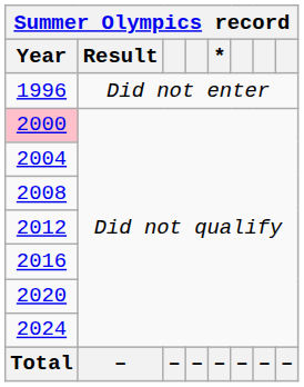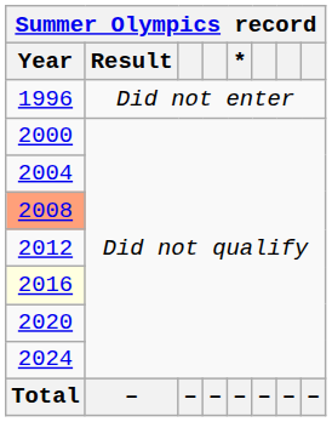 <table class="wikitable" style="text-align: center;">
 <tr>
 <th colspan="8"><a href='#'>Summer Olympics</a> record</th>
 </tr>
 <tr>
 <th>Year</th>
 <th>Result</th>
 <th></th>
 <th></th>
 <th>*</th>
 <th></th>
 <th></th>
 <th></th>
 </tr>
 <tr>
 <td> <a href='#'>1996</a></td>
 <td colspan=7><em>Did not enter</em></td>
 </tr>
 <tr>
-<td style="background: pink;"> <a href='#'>2000</a></td>
+<td> <a href='#'>2000</a></td>
 <td colspan=7 rowspan=7><em>Did not qualify</em></td>
 </tr>
 <tr>
 <td> <a href='#'>2004</a></td>
 </tr>
 <tr>
-<td> <a href='#'>2008</a></td>
+<td style="background: lightsalmon;"> <a href='#'>2008</a></td>
 </tr>
 <tr>
 <td> <a href='#'>2012</a></td>
 </tr>
 <tr>
-<td> <a href='#'>2016</a></td>
+<td style="background: lightyellow;"> <a href='#'>2016</a></td>
 </tr>
 <tr>
 <td> <a href='#'>2020</a></td>
 </tr>
 <tr>
 <td> <a href='#'>2024</a></td>
 </tr>
 <tr>
 <th>Total</th>
 <th>–</th>
 <th>–</th>
 <th>–</th>
 <th>–</th>
 <th>–</th>
 <th>–</th>
 <th>–</th>
 </tr>
 </table>
